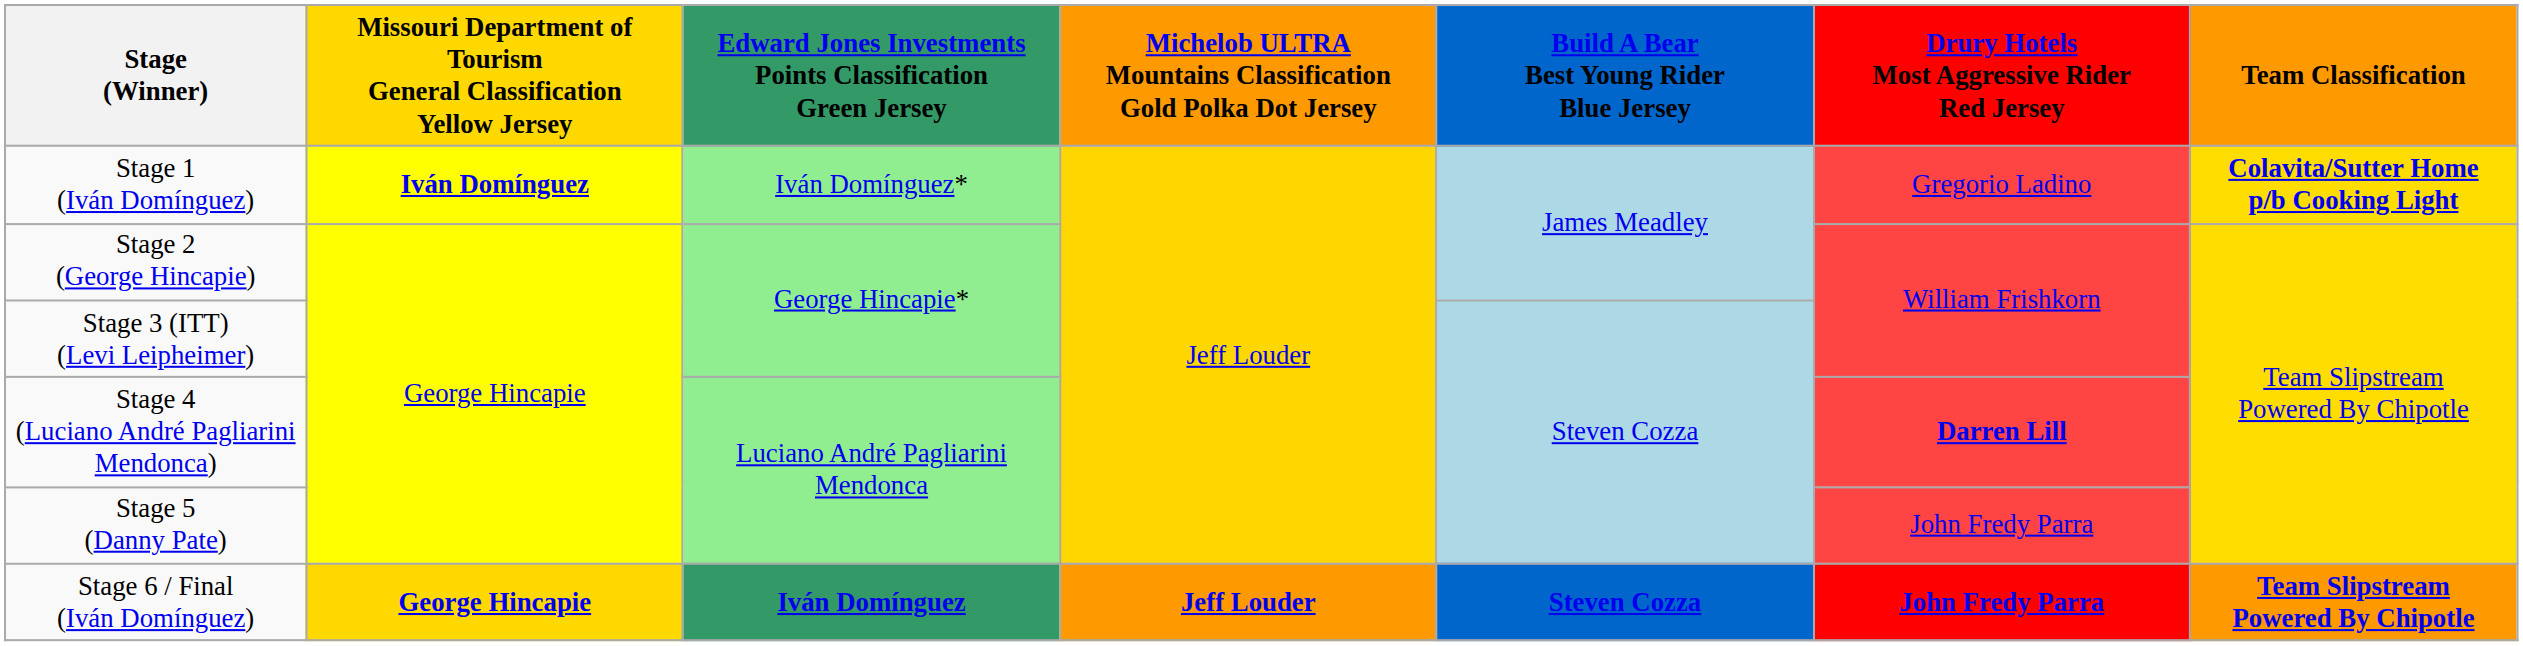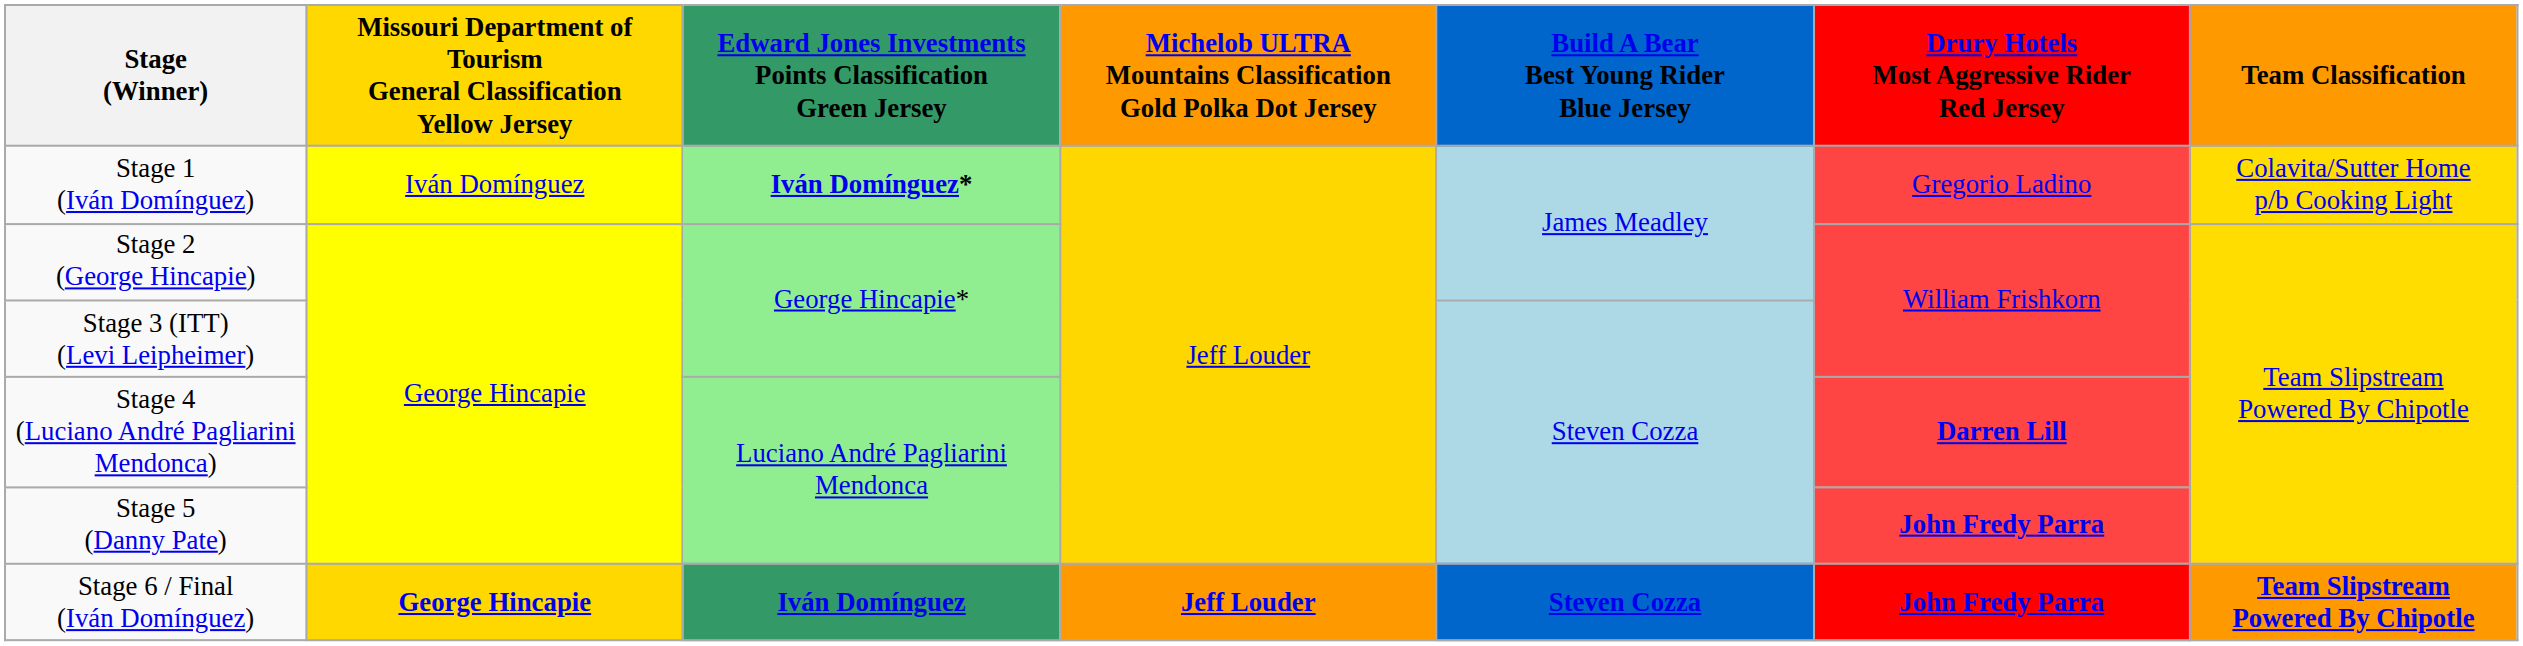 <table class="wikitable" style="text-align: center; font-size:smaller;">
 <tr style="background:#efefef;">
 <th style="width:12%;">Stage<br>(Winner)</th>
 <th style="background:#ffd800; width:15%;">Missouri Department of Tourism<br>General Classification<br>Yellow Jersey</th>
 <th style="background:#396; width:15%;"><a href='#'>Edward Jones Investments</a><br>Points Classification<br>Green Jersey</th>
 <th style="background:#f90; width:15%;"><a href='#'>Michelob ULTRA</a><br>Mountains Classification<br>Gold Polka Dot Jersey</th>
 <th style="background:#06c; width:15%;"><a href='#'>Build A Bear</a><br>Best Young Rider<br>Blue Jersey</th>
 <th style="background:red; width:15%;"><a href='#'>Drury Hotels</a><br>Most Aggressive Rider<br>Red Jersey</th>
 <th style="background:#f90; width:15%;">Team Classification</th>
 </tr>
 <tr>
 <td>Stage 1<br>(<a href='#'>Iván Domínguez</a>)</td>
-<td style="background:yellow;"><strong><a href='#'>Iván Domínguez</a></strong></td>
-<td style="background:lightgreen;"><a href='#'>Iván Domínguez</a>*</td>
+<td style="background:yellow;"><a href='#'>Iván Domínguez</a></td>
+<td style="background:lightgreen;"><strong><a href='#'>Iván Domínguez</a>*</strong></td>
 <td style="background:gold" rowspan="5"><a href='#'>Jeff Louder</a></td>
 <td style="background:lightblue;" rowspan="2"><a href='#'>James Meadley</a></td>
 <td style="background:#f44;"><a href='#'>Gregorio Ladino</a></td>
-<td style="background:#fd0;"><strong><a href='#'>Colavita/Sutter Home<br>p/b Cooking Light</a></strong></td>
+<td style="background:#fd0;"><a href='#'>Colavita/Sutter Home<br>p/b Cooking Light</a></td>
 </tr>
 <tr>
 <td>Stage 2<br>(<a href='#'>George Hincapie</a>)</td>
 <td style="background:yellow;" rowspan="4"><a href='#'>George Hincapie</a></td>
 <td style="background:lightgreen" rowspan="2"><a href='#'>George Hincapie</a>*</td>
 <td style="background:#f44;" rowspan="2"><a href='#'>William Frishkorn</a></td>
 <td style="background:#fd0;" rowspan="4"><a href='#'>Team Slipstream<br>Powered By Chipotle</a></td>
 </tr>
 <tr>
 <td>Stage 3 (ITT)<br>(<a href='#'>Levi Leipheimer</a>)</td>
 <td style="background:lightblue" rowspan="3"><a href='#'>Steven Cozza</a></td>
 </tr>
 <tr>
 <td>Stage 4<br>(<a href='#'>Luciano André Pagliarini Mendonca</a>)</td>
 <td style="background:lightgreen" rowspan="2"><a href='#'>Luciano André Pagliarini Mendonca</a></td>
 <td style="background:#f44;"><strong><a href='#'>Darren Lill</a></strong></td>
 </tr>
 <tr>
 <td>Stage 5<br>(<a href='#'>Danny Pate</a>)</td>
-<td style="background:#f44;"><a href='#'>John Fredy Parra</a></td>
+<td style="background:#f44;"><strong><a href='#'>John Fredy Parra</a></strong></td>
 </tr>
 <tr>
 <td>Stage 6 / Final<br>(<a href='#'>Iván Domínguez</a>)</td>
 <td style="background:#ffd800;"><strong><a href='#'>George Hincapie</a></strong></td>
 <td style="background:#396;"><strong><a href='#'>Iván Domínguez</a></strong></td>
 <td style="background:#f90;"><strong><a href='#'>Jeff Louder</a></strong></td>
 <td style="background:#06c;"><strong><a href='#'>Steven Cozza</a></strong></td>
 <td style="background:red;"><strong><a href='#'>John Fredy Parra</a></strong></td>
 <td style="background:#f90;"><strong><a href='#'>Team Slipstream<br>Powered By Chipotle</a></strong></td>
 </tr>
 </table>
